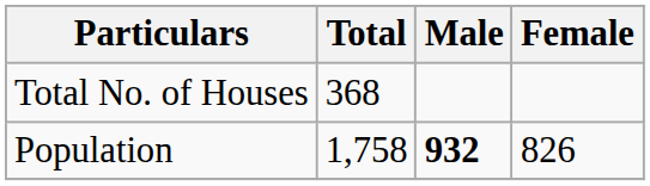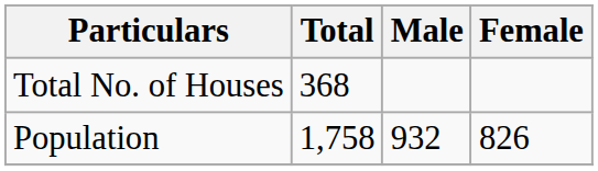 <table class="wikitable sortable">
 <tr>
 <th>Particulars</th>
 <th>Total</th>
 <th>Male</th>
 <th>Female</th>
 </tr>
 <tr>
 <td>Total No. of Houses</td>
 <td>368</td>
 <td></td>
 <td></td>
 </tr>
 <tr>
 <td>Population</td>
 <td>1,758</td>
-<td><strong>932</strong></td>
+<td>932</td>
 <td>826</td>
 </tr>
 <tr>
 </tr>
 </table>
